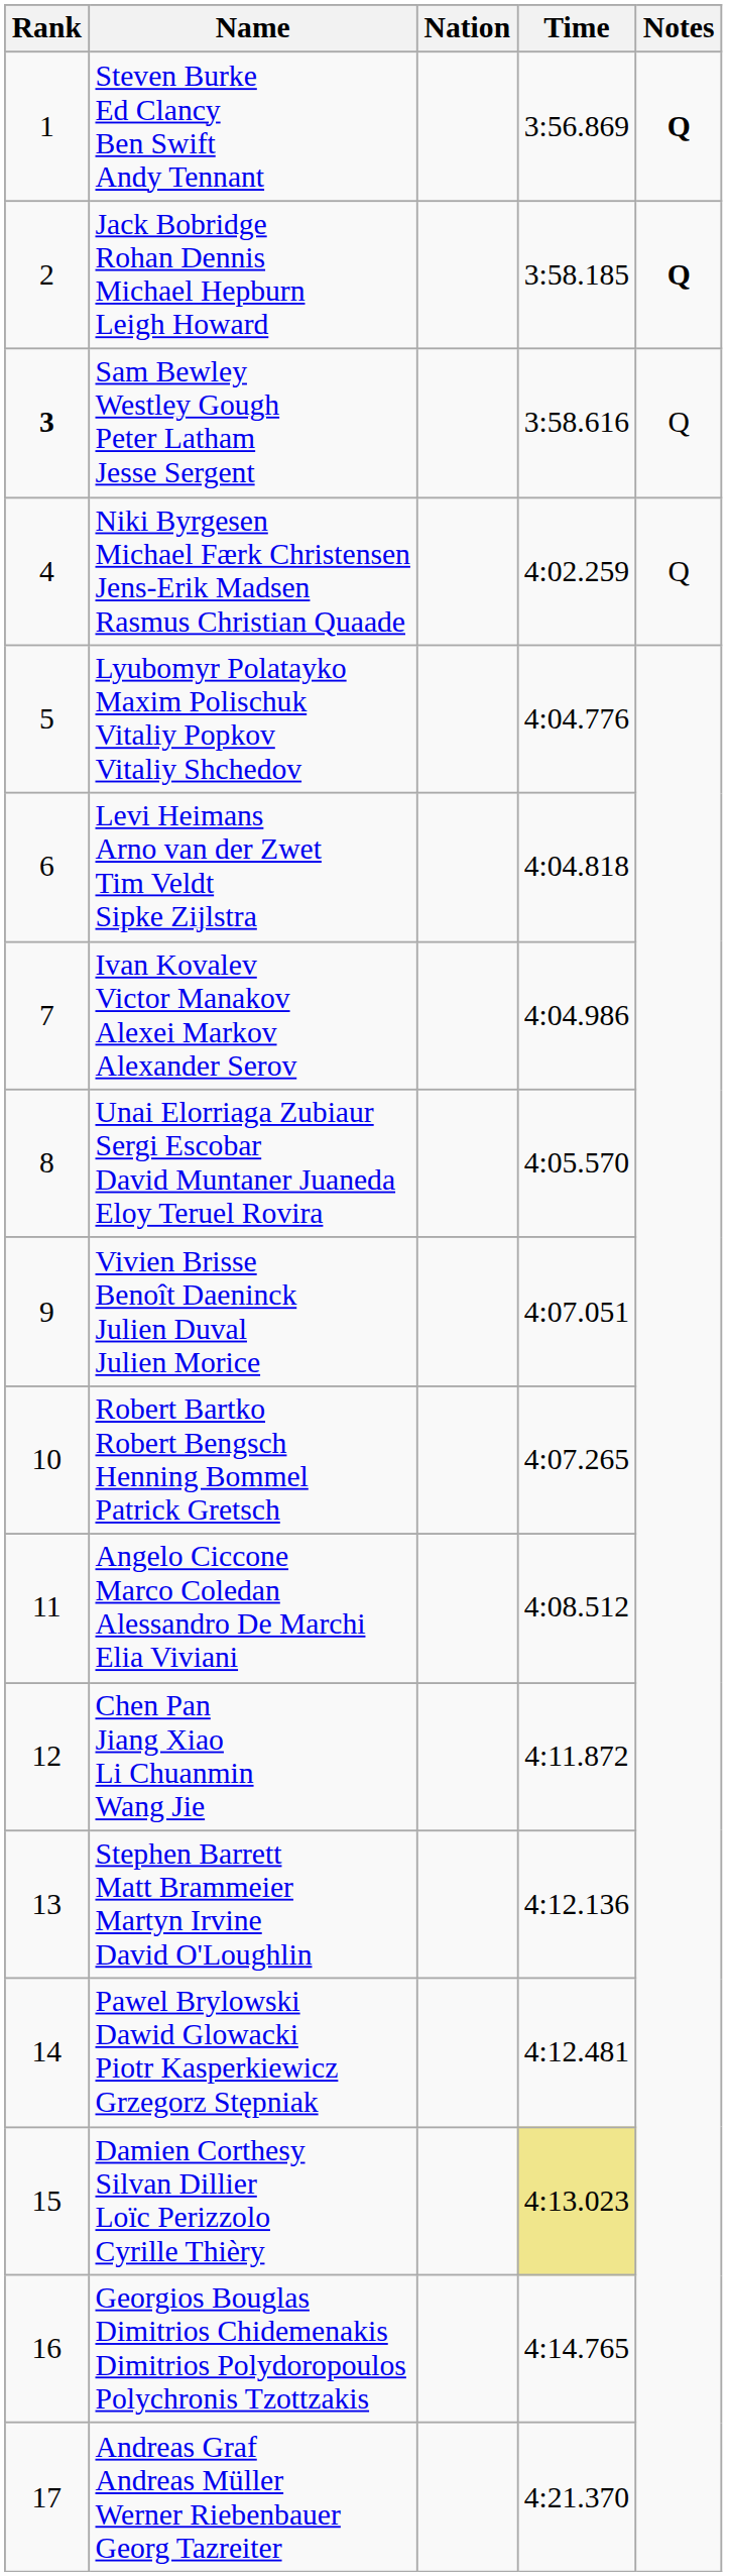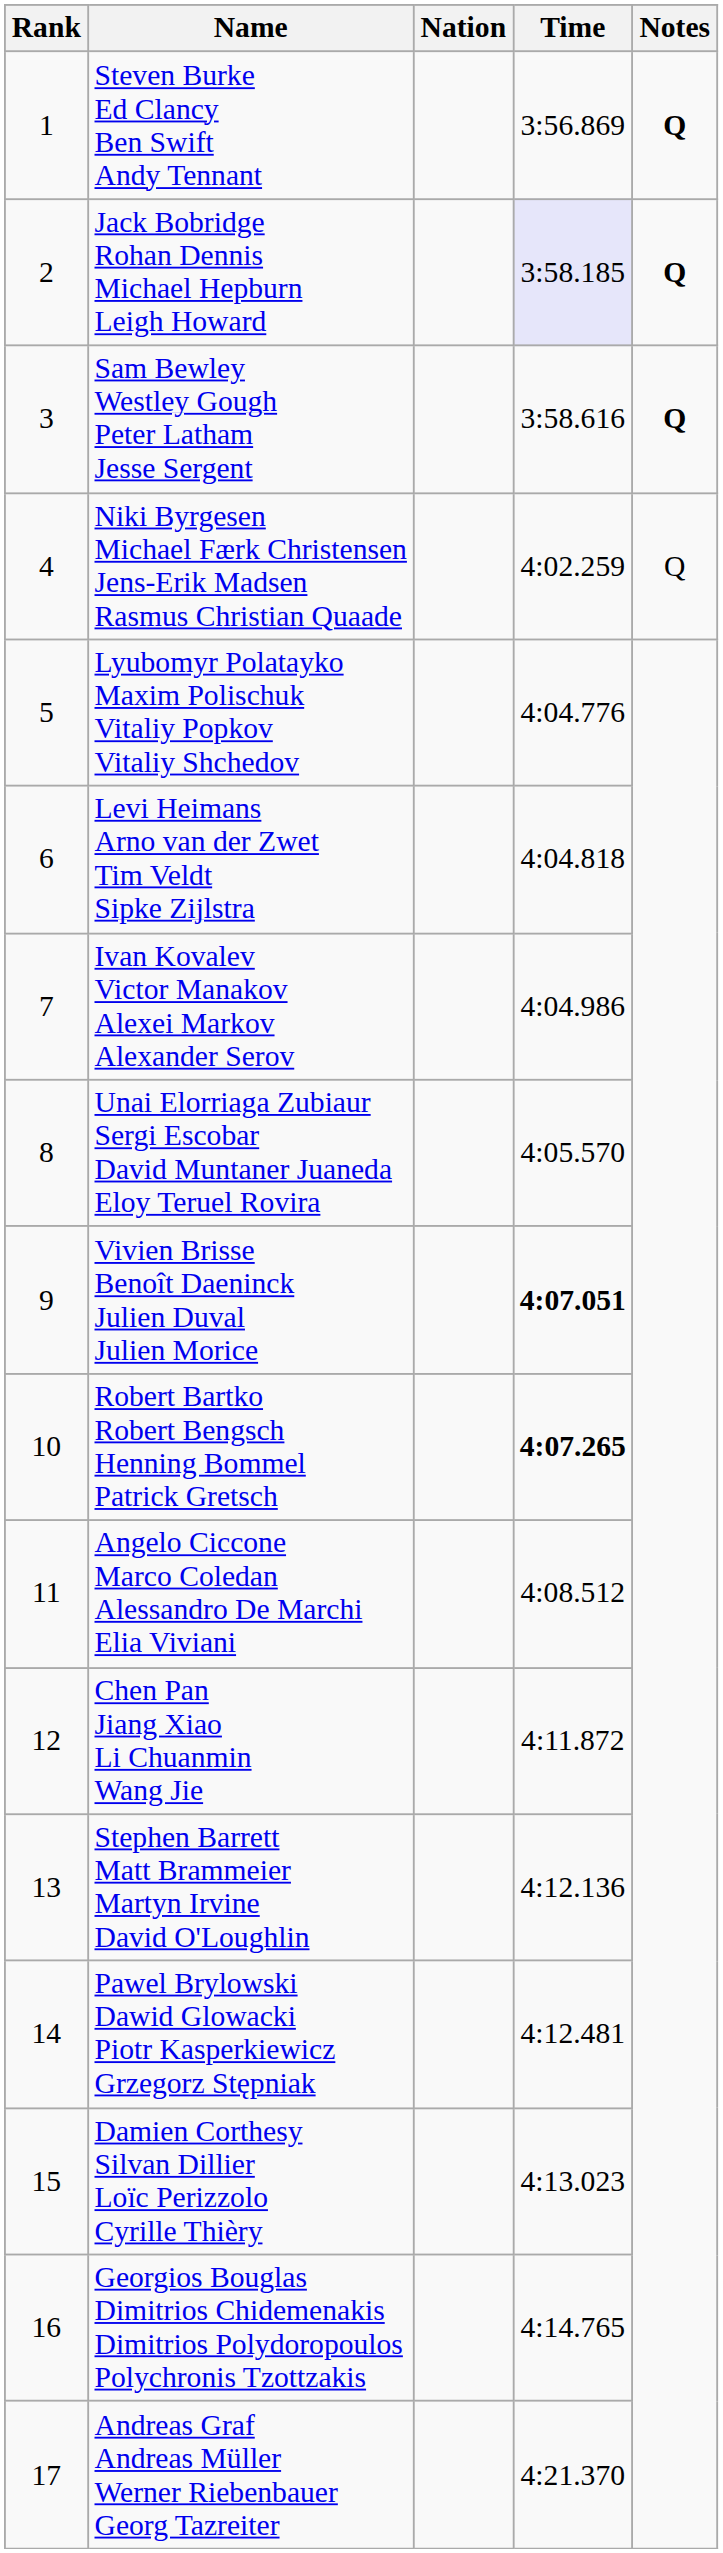 <table class="wikitable sortable" style="text-align:center">
 <tr>
 <th>Rank</th>
 <th>Name</th>
 <th>Nation</th>
 <th>Time</th>
 <th>Notes</th>
 </tr>
 <tr>
 <td>1</td>
 <td align=left><a href='#'>Steven Burke</a><br><a href='#'>Ed Clancy</a><br> <a href='#'>Ben Swift</a><br><a href='#'>Andy Tennant</a></td>
 <td align=left></td>
 <td>3:56.869</td>
 <td><strong>Q</strong></td>
 </tr>
 <tr>
 <td>2</td>
 <td align=left><a href='#'>Jack Bobridge</a><br><a href='#'>Rohan Dennis</a><br><a href='#'>Michael Hepburn</a> <br><a href='#'>Leigh Howard</a></td>
 <td align=left></td>
-<td>3:58.185</td>
+<td style="background: lavender;">3:58.185</td>
 <td><strong>Q</strong></td>
 </tr>
 <tr>
-<td><strong>3</strong></td>
+<td>3</td>
 <td align=left><a href='#'>Sam Bewley</a><br><a href='#'>Westley Gough</a><br><a href='#'>Peter Latham</a><br><a href='#'>Jesse Sergent</a></td>
 <td align=left></td>
 <td>3:58.616</td>
-<td>Q</td>
+<td><strong>Q</strong></td>
 </tr>
 <tr>
 <td>4</td>
 <td align=left><a href='#'>Niki Byrgesen</a><br><a href='#'>Michael Færk Christensen</a><br><a href='#'>Jens-Erik Madsen</a> <br><a href='#'>Rasmus Christian Quaade</a></td>
 <td align=left></td>
 <td>4:02.259</td>
 <td>Q</td>
 </tr>
 <tr>
 <td>5</td>
 <td align=left><a href='#'>Lyubomyr Polatayko</a><br><a href='#'>Maxim Polischuk</a><br><a href='#'>Vitaliy Popkov</a><br><a href='#'>Vitaliy Shchedov</a></td>
 <td align=left></td>
 <td>4:04.776</td>
 </tr>
 <tr>
 <td>6</td>
 <td align=left><a href='#'>Levi Heimans</a><br><a href='#'>Arno van der Zwet</a><br><a href='#'>Tim Veldt</a><br><a href='#'>Sipke Zijlstra</a></td>
 <td align=left></td>
 <td>4:04.818</td>
 </tr>
 <tr>
 <td>7</td>
 <td align=left><a href='#'>Ivan Kovalev</a><br><a href='#'>Victor Manakov</a><br><a href='#'>Alexei Markov</a><br><a href='#'>Alexander Serov</a></td>
 <td align=left></td>
 <td>4:04.986</td>
 </tr>
 <tr>
 <td>8</td>
 <td align=left><a href='#'>Unai Elorriaga Zubiaur</a><br><a href='#'>Sergi Escobar</a><br><a href='#'>David Muntaner Juaneda</a><br><a href='#'>Eloy Teruel Rovira</a></td>
 <td align=left></td>
 <td>4:05.570</td>
 </tr>
 <tr>
 <td>9</td>
 <td align=left><a href='#'>Vivien Brisse</a><br><a href='#'>Benoît Daeninck</a><br><a href='#'>Julien Duval</a><br><a href='#'>Julien Morice</a></td>
 <td align=left></td>
-<td>4:07.051</td>
+<td><strong>4:07.051</strong></td>
 </tr>
 <tr>
 <td>10</td>
 <td align=left><a href='#'>Robert Bartko</a> <br><a href='#'>Robert Bengsch</a><br><a href='#'>Henning Bommel</a><br><a href='#'>Patrick Gretsch</a></td>
 <td align=left></td>
-<td>4:07.265</td>
+<td><strong>4:07.265</strong></td>
 </tr>
 <tr>
 <td>11</td>
 <td align=left><a href='#'>Angelo Ciccone</a><br><a href='#'>Marco Coledan</a><br><a href='#'>Alessandro De Marchi</a> <br><a href='#'>Elia Viviani</a></td>
 <td align=left></td>
 <td>4:08.512</td>
 </tr>
 <tr>
 <td>12</td>
 <td align=left><a href='#'>Chen Pan</a><br><a href='#'>Jiang Xiao</a><br><a href='#'>Li Chuanmin</a><br><a href='#'>Wang Jie</a></td>
 <td align=left></td>
 <td>4:11.872</td>
 </tr>
 <tr>
 <td>13</td>
 <td align=left><a href='#'>Stephen Barrett</a><br><a href='#'>Matt Brammeier</a> <br><a href='#'>Martyn Irvine</a><br><a href='#'>David O'Loughlin</a></td>
 <td align=left></td>
 <td>4:12.136</td>
 </tr>
 <tr>
 <td>14</td>
 <td align=left><a href='#'>Pawel Brylowski</a> <br><a href='#'>Dawid Glowacki</a><br><a href='#'>Piotr Kasperkiewicz</a><br><a href='#'>Grzegorz Stępniak</a></td>
 <td align=left></td>
 <td>4:12.481</td>
 </tr>
 <tr>
 <td>15</td>
 <td align=left><a href='#'>Damien Corthesy</a><br><a href='#'>Silvan Dillier</a> <br><a href='#'>Loïc Perizzolo</a><br><a href='#'>Cyrille Thièry</a></td>
 <td align=left></td>
-<td style="background: khaki;">4:13.023</td>
+<td>4:13.023</td>
 </tr>
 <tr>
 <td>16</td>
 <td align=left><a href='#'>Georgios Bouglas</a> <br><a href='#'>Dimitrios Chidemenakis</a><br><a href='#'>Dimitrios Polydoropoulos</a><br><a href='#'>Polychronis Tzottzakis</a></td>
 <td align=left></td>
 <td>4:14.765</td>
 </tr>
 <tr>
 <td>17</td>
 <td align=left><a href='#'>Andreas Graf</a><br><a href='#'>Andreas Müller</a> <br><a href='#'>Werner Riebenbauer</a><br><a href='#'>Georg Tazreiter</a></td>
 <td align=left></td>
 <td>4:21.370</td>
 </tr>
 </table>
